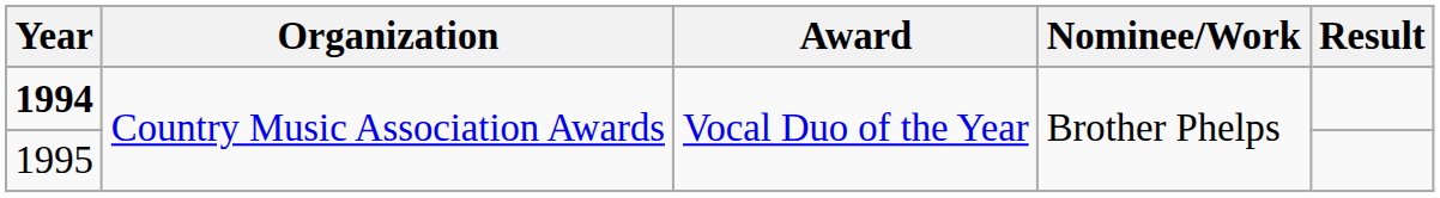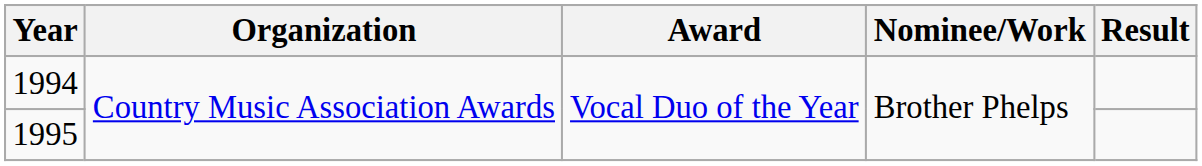 <table class="wikitable">
 <tr>
 <th>Year</th>
 <th>Organization</th>
 <th>Award</th>
 <th>Nominee/Work</th>
 <th>Result</th>
 </tr>
 <tr>
-<td><strong>1994</strong></td>
+<td>1994</td>
 <td rowspan=2><a href='#'>Country Music Association Awards</a></td>
 <td rowspan=2><a href='#'>Vocal Duo of the Year</a></td>
 <td rowspan=2>Brother Phelps</td>
 <td></td>
 </tr>
 <tr>
 <td>1995</td>
 <td></td>
 </tr>
 </table>
